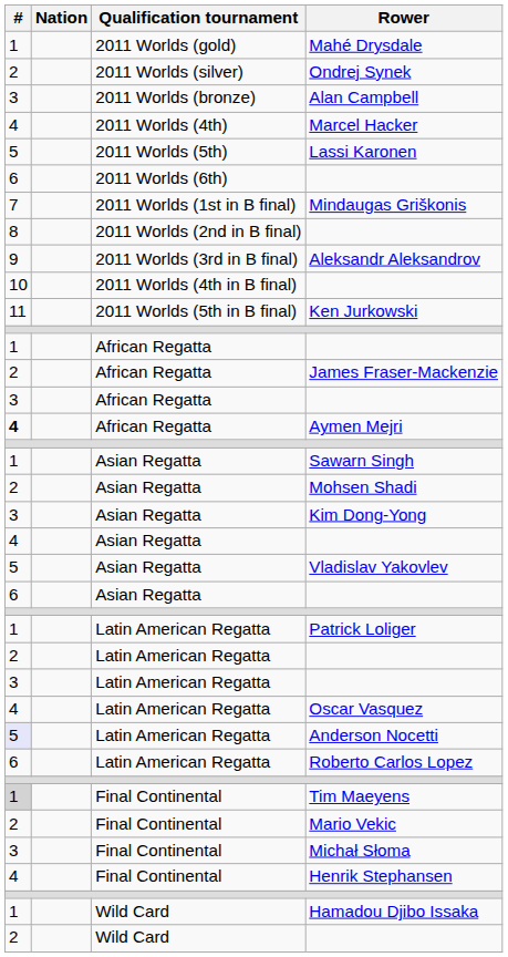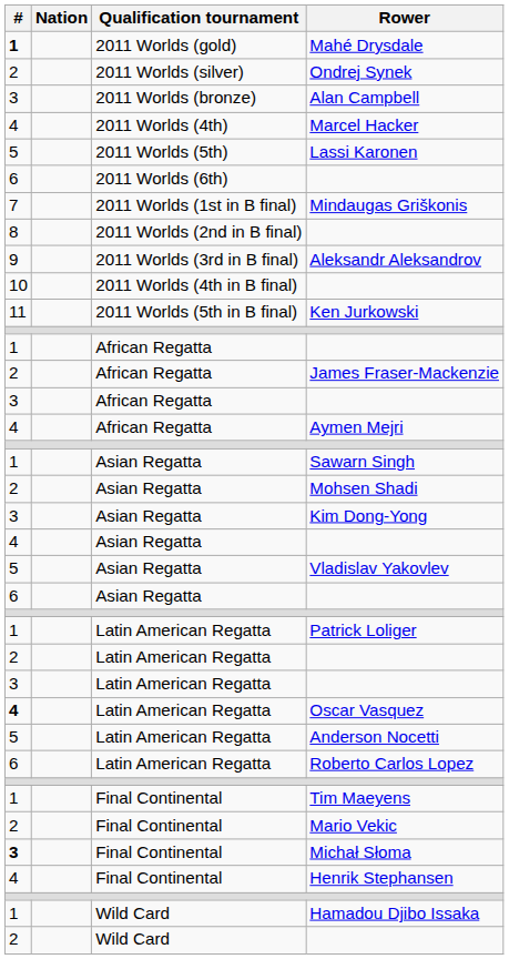 <table class="wikitable">
 <tr>
 <th>#</th>
 <th>Nation</th>
 <th>Qualification tournament</th>
 <th>Rower</th>
 </tr>
 <tr>
-<td>1</td>
+<td><strong>1</strong></td>
 <td></td>
 <td>2011 Worlds (gold)</td>
 <td><a href='#'>Mahé Drysdale</a></td>
 </tr>
 <tr>
 <td>2</td>
 <td></td>
 <td>2011 Worlds (silver)</td>
 <td><a href='#'>Ondrej Synek</a></td>
 </tr>
 <tr>
 <td>3</td>
 <td></td>
 <td>2011 Worlds (bronze)</td>
 <td><a href='#'>Alan Campbell</a></td>
 </tr>
 <tr>
 <td>4</td>
 <td></td>
 <td>2011 Worlds (4th)</td>
 <td><a href='#'>Marcel Hacker</a></td>
 </tr>
 <tr>
 <td>5</td>
 <td></td>
 <td>2011 Worlds (5th)</td>
 <td><a href='#'>Lassi Karonen</a></td>
 </tr>
 <tr>
 <td>6</td>
 <td></td>
 <td>2011 Worlds (6th)</td>
 <td></td>
 </tr>
 <tr>
 <td>7</td>
 <td></td>
 <td>2011 Worlds (1st in B final)</td>
 <td><a href='#'>Mindaugas Griškonis</a></td>
 </tr>
 <tr>
 <td>8</td>
 <td></td>
 <td>2011 Worlds (2nd in B final)</td>
 <td></td>
 </tr>
 <tr>
 <td>9</td>
 <td></td>
 <td>2011 Worlds (3rd in B final)</td>
 <td><a href='#'>Aleksandr Aleksandrov</a></td>
 </tr>
 <tr>
 <td>10</td>
 <td></td>
 <td>2011 Worlds (4th in B final)</td>
 <td></td>
 </tr>
 <tr>
 <td>11</td>
 <td></td>
 <td>2011 Worlds (5th in B final)</td>
 <td><a href='#'>Ken Jurkowski</a></td>
 </tr>
 <tr bgcolor=#DDDDDD>
 <td colspan=4></td>
 </tr>
 <tr>
 <td>1</td>
 <td></td>
 <td>African Regatta</td>
 <td></td>
 </tr>
 <tr>
 <td>2</td>
 <td></td>
 <td>African Regatta</td>
 <td><a href='#'>James Fraser-Mackenzie</a></td>
 </tr>
 <tr>
 <td>3</td>
 <td></td>
 <td>African Regatta</td>
 <td></td>
 </tr>
 <tr>
-<td><strong>4</strong></td>
+<td>4</td>
 <td></td>
 <td>African Regatta</td>
 <td><a href='#'>Aymen Mejri</a></td>
 </tr>
 <tr bgcolor=#DDDDDD>
 <td colspan=4></td>
 </tr>
 <tr>
 <td>1</td>
 <td></td>
 <td>Asian Regatta</td>
 <td><a href='#'>Sawarn Singh</a></td>
 </tr>
 <tr>
 <td>2</td>
 <td></td>
 <td>Asian Regatta</td>
 <td><a href='#'>Mohsen Shadi</a></td>
 </tr>
 <tr>
 <td>3</td>
 <td></td>
 <td>Asian Regatta</td>
 <td><a href='#'>Kim Dong-Yong</a></td>
 </tr>
 <tr>
 <td>4</td>
 <td></td>
 <td>Asian Regatta</td>
 <td></td>
 </tr>
 <tr>
 <td>5</td>
 <td></td>
 <td>Asian Regatta</td>
 <td><a href='#'>Vladislav Yakovlev</a></td>
 </tr>
 <tr>
 <td>6</td>
 <td></td>
 <td>Asian Regatta</td>
 <td></td>
 </tr>
 <tr bgcolor=#DDDDDD>
 <td colspan=4></td>
 </tr>
 <tr>
 <td>1</td>
 <td></td>
 <td>Latin American Regatta</td>
 <td><a href='#'>Patrick Loliger</a></td>
 </tr>
 <tr>
 <td>2</td>
 <td></td>
 <td>Latin American Regatta</td>
 <td></td>
 </tr>
 <tr>
 <td>3</td>
 <td></td>
 <td>Latin American Regatta</td>
 <td></td>
 </tr>
 <tr>
-<td>4</td>
+<td><strong>4</strong></td>
 <td></td>
 <td>Latin American Regatta</td>
 <td><a href='#'>Oscar Vasquez</a></td>
 </tr>
 <tr>
-<td style="background: lavender;">5</td>
+<td>5</td>
 <td></td>
 <td>Latin American Regatta</td>
 <td><a href='#'>Anderson Nocetti</a></td>
 </tr>
 <tr>
 <td>6</td>
 <td></td>
 <td>Latin American Regatta</td>
 <td><a href='#'>Roberto Carlos Lopez</a></td>
 </tr>
 <tr bgcolor=#DDDDDD>
 <td colspan=4></td>
 </tr>
 <tr>
-<td style="background: lightgrey;">1</td>
+<td>1</td>
 <td></td>
 <td>Final Continental</td>
 <td><a href='#'>Tim Maeyens</a></td>
 </tr>
 <tr>
 <td>2</td>
 <td></td>
 <td>Final Continental</td>
 <td><a href='#'>Mario Vekic</a></td>
 </tr>
 <tr>
-<td>3</td>
+<td><strong>3</strong></td>
 <td></td>
 <td>Final Continental</td>
 <td><a href='#'>Michał Słoma</a></td>
 </tr>
 <tr>
 <td>4</td>
 <td></td>
 <td>Final Continental</td>
 <td><a href='#'>Henrik Stephansen</a></td>
 </tr>
 <tr bgcolor=#DDDDDD>
 <td colspan=4></td>
 </tr>
 <tr>
 <td>1</td>
 <td></td>
 <td>Wild Card</td>
 <td><a href='#'>Hamadou Djibo Issaka</a></td>
 </tr>
 <tr>
 <td>2</td>
 <td></td>
 <td>Wild Card</td>
 <td></td>
 </tr>
 </table>
